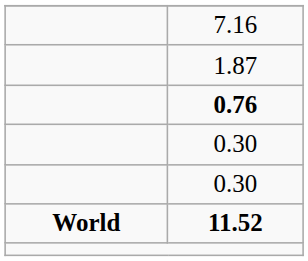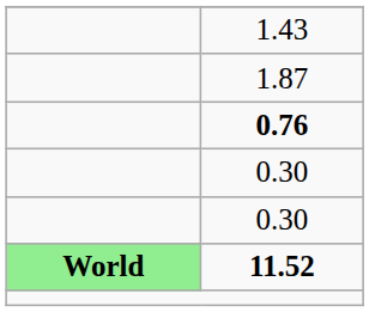 <table class="wikitable" style="float:right; width:12em; text-align:center;">
 <tr>
 </tr>
 <tr>
 <td></td>
-<td>7.16</td>
+<td>1.43</td>
 </tr>
 <tr>
 <td></td>
 <td>1.87</td>
 </tr>
 <tr>
 <td></td>
 <td><strong>0.76</strong></td>
 </tr>
 <tr>
 <td></td>
 <td>0.30</td>
 </tr>
 <tr>
 <td></td>
 <td>0.30</td>
 </tr>
 <tr>
-<td><strong>World</strong></td>
+<td style="background: lightgreen;"><strong>World</strong></td>
 <td><strong>11.52</strong></td>
 </tr>
 <tr>
 <td colspan="2"></td>
 </tr>
 </table>
